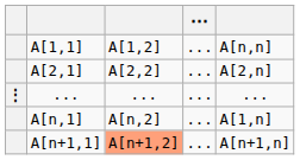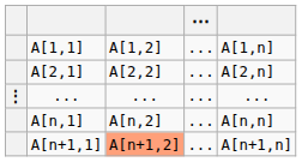 <table class="wikitable floatright">
 <tr>
 <th></th>
 <th></th>
 <th></th>
 <th>⋯</th>
 <th></th>
 </tr>
 <tr style="font-family:monospace">
 <th></th>
 <td>A[1,1]</td>
 <td>A[1,2]</td>
 <td style="text-align:center">...</td>
-<td>A[n,n]</td>
+<td>A[1,n]</td>
 </tr>
 <tr style="font-family:monospace">
 <th></th>
 <td>A[2,1]</td>
 <td>A[2,2]</td>
 <td style="text-align:center">...</td>
 <td>A[2,n]</td>
 </tr>
 <tr style="font-family:monospace;text-align:center">
 <th>⋮</th>
 <td>...</td>
 <td>...</td>
 <td>...</td>
 <td>...</td>
 </tr>
 <tr style="font-family:monospace">
 <th></th>
 <td>A[n,1]</td>
 <td>A[n,2]</td>
 <td style="text-align:center">...</td>
-<td>A[1,n]</td>
+<td>A[n,n]</td>
 </tr>
 <tr style="font-family:monospace">
 <th></th>
 <td>A[n+1,1]</td>
 <td style="background: lightsalmon;">A[n+1,2]</td>
 <td style="text-align:center">...</td>
 <td>A[n+1,n]</td>
 </tr>
 </table>
